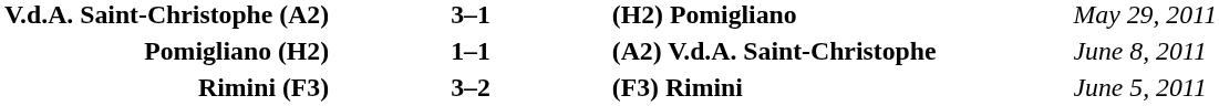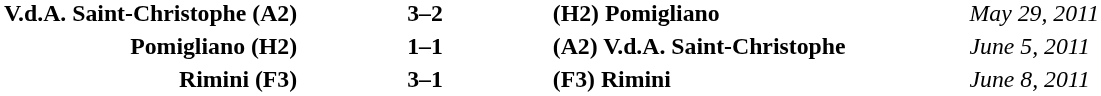 <table width="100%" cellspacing="1">
 <tr>
 <th width="20%"></th>
 <th width="12%"></th>
 <th width="20%"></th>
 <th width="20%'"></th>
 <th></th>
 </tr>
 <tr style="font-size:90%;">
 <td align="right"><strong>V.d.A. Saint-Christophe (A2)</strong></td>
-<td align="center"><strong>3–1</strong></td>
+<td align="center"><strong>3–2</strong></td>
 <td align="left"><strong>(H2) Pomigliano</strong></td>
 <td align="left"><em>May 29, 2011</em></td>
 </tr>
 <tr style="font-size:90%;">
 <td align="right"><strong>Pomigliano (H2)</strong></td>
 <td align="center"><strong>1–1</strong></td>
 <td align="left"><strong>(A2) V.d.A. Saint-Christophe</strong></td>
-<td align="left"><em>June 8, 2011</em></td>
+<td align="left"><em>June 5, 2011</em></td>
 </tr>
 <tr style="font-size:90%;">
 <td align="right"><strong>Rimini (F3)</strong></td>
-<td align="center"><strong>3–2</strong></td>
+<td align="center"><strong>3–1</strong></td>
 <td align="left"><strong>(F3) Rimini</strong></td>
-<td align="left"><em>June 5, 2011</em></td>
+<td align="left"><em>June 8, 2011</em></td>
 </tr>
 </table>
